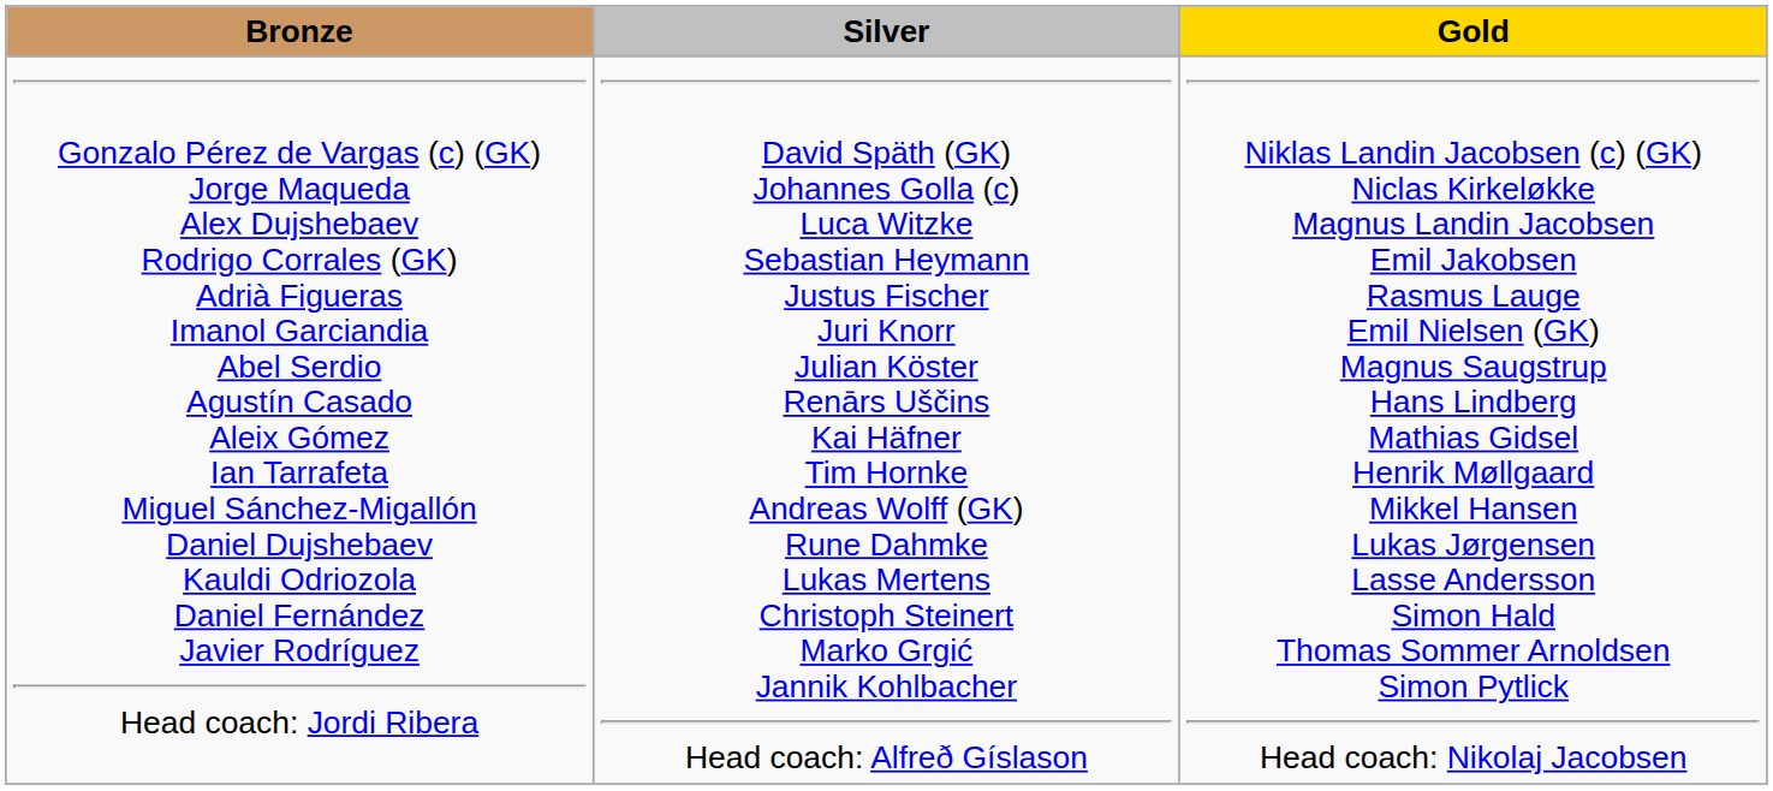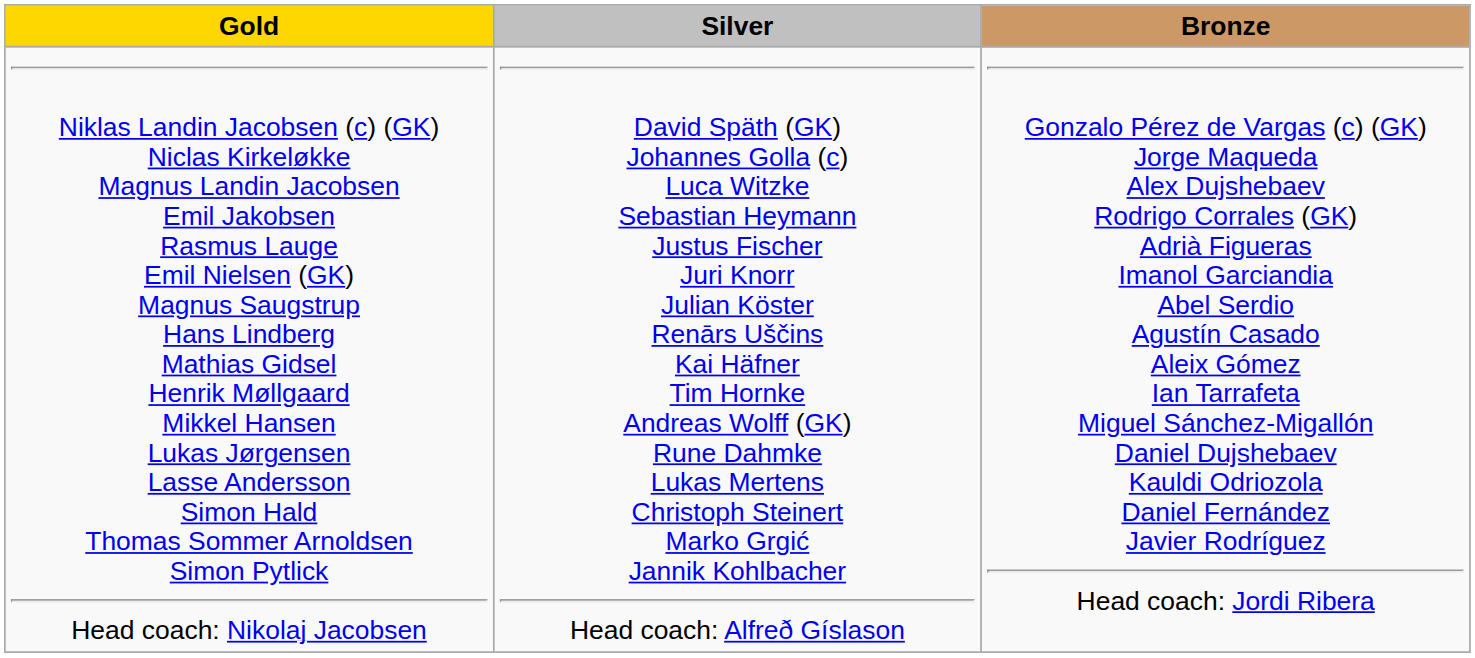 <table class="wikitable" style="text-align: center; font-size: 95%;">
 <tr>
+<td style="width: 18em; background: gold;"><strong>Gold</strong></td>
+<td style="width: 18em; background: silver;"><strong>Silver</strong></td>
 <td style="width: 18em; background: #CC9966;"><strong>Bronze</strong></td>
-<td style="width: 18em; background: silver;"><strong>Silver</strong></td>
-<td style="width: 18em; background: gold;"><strong>Gold</strong></td>
 </tr>
 <tr style="vertical-align: top;">
+<td><hr><br><a href='#'>Niklas Landin Jacobsen</a> (<a href='#'>c</a>) (<a href='#'>GK</a>)<br><a href='#'>Niclas Kirkeløkke</a><br><a href='#'>Magnus Landin Jacobsen</a><br><a href='#'>Emil Jakobsen</a><br><a href='#'>Rasmus Lauge</a><br><a href='#'>Emil Nielsen</a> (<a href='#'>GK</a>)<br><a href='#'>Magnus Saugstrup</a><br><a href='#'>Hans Lindberg</a><br><a href='#'>Mathias Gidsel</a><br><a href='#'>Henrik Møllgaard</a><br><a href='#'>Mikkel Hansen</a><br><a href='#'>Lukas Jørgensen</a><br><a href='#'>Lasse Andersson</a><br><a href='#'>Simon Hald</a><br><a href='#'>Thomas Sommer Arnoldsen</a><br><a href='#'>Simon Pytlick</a> <hr>Head coach: <a href='#'>Nikolaj Jacobsen</a></td>
+<td><hr><br><a href='#'>David Späth</a> (<a href='#'>GK</a>)<br><a href='#'>Johannes Golla</a> (<a href='#'>c</a>)<br><a href='#'>Luca Witzke</a><br><a href='#'>Sebastian Heymann</a><br><a href='#'>Justus Fischer</a><br><a href='#'>Juri Knorr</a><br><a href='#'>Julian Köster</a><br><a href='#'>Renārs Uščins</a><br><a href='#'>Kai Häfner</a><br><a href='#'>Tim Hornke</a><br><a href='#'>Andreas Wolff</a> (<a href='#'>GK</a>)<br><a href='#'>Rune Dahmke</a><br><a href='#'>Lukas Mertens</a><br><a href='#'>Christoph Steinert</a><br><a href='#'>Marko Grgić</a><br><a href='#'>Jannik Kohlbacher</a> <hr>Head coach: <a href='#'>Alfreð Gíslason</a></td>
 <td><hr><br><a href='#'>Gonzalo Pérez de Vargas</a> (<a href='#'>c</a>) (<a href='#'>GK</a>)<br><a href='#'>Jorge Maqueda</a><br><a href='#'>Alex Dujshebaev</a><br><a href='#'>Rodrigo Corrales</a> (<a href='#'>GK</a>)<br><a href='#'>Adrià Figueras</a><br><a href='#'>Imanol Garciandia</a><br><a href='#'>Abel Serdio</a><br><a href='#'>Agustín Casado</a><br><a href='#'>Aleix Gómez</a><br><a href='#'>Ian Tarrafeta</a><br><a href='#'>Miguel Sánchez-Migallón</a><br><a href='#'>Daniel Dujshebaev</a><br><a href='#'>Kauldi Odriozola</a><br><a href='#'>Daniel Fernández</a><br><a href='#'>Javier Rodríguez</a> <hr>Head coach: <a href='#'>Jordi Ribera</a></td>
-<td><hr><br><a href='#'>David Späth</a> (<a href='#'>GK</a>)<br><a href='#'>Johannes Golla</a> (<a href='#'>c</a>)<br><a href='#'>Luca Witzke</a><br><a href='#'>Sebastian Heymann</a><br><a href='#'>Justus Fischer</a><br><a href='#'>Juri Knorr</a><br><a href='#'>Julian Köster</a><br><a href='#'>Renārs Uščins</a><br><a href='#'>Kai Häfner</a><br><a href='#'>Tim Hornke</a><br><a href='#'>Andreas Wolff</a> (<a href='#'>GK</a>)<br><a href='#'>Rune Dahmke</a><br><a href='#'>Lukas Mertens</a><br><a href='#'>Christoph Steinert</a><br><a href='#'>Marko Grgić</a><br><a href='#'>Jannik Kohlbacher</a> <hr>Head coach: <a href='#'>Alfreð Gíslason</a></td>
-<td><hr><br><a href='#'>Niklas Landin Jacobsen</a> (<a href='#'>c</a>) (<a href='#'>GK</a>)<br><a href='#'>Niclas Kirkeløkke</a><br><a href='#'>Magnus Landin Jacobsen</a><br><a href='#'>Emil Jakobsen</a><br><a href='#'>Rasmus Lauge</a><br><a href='#'>Emil Nielsen</a> (<a href='#'>GK</a>)<br><a href='#'>Magnus Saugstrup</a><br><a href='#'>Hans Lindberg</a><br><a href='#'>Mathias Gidsel</a><br><a href='#'>Henrik Møllgaard</a><br><a href='#'>Mikkel Hansen</a><br><a href='#'>Lukas Jørgensen</a><br><a href='#'>Lasse Andersson</a><br><a href='#'>Simon Hald</a><br><a href='#'>Thomas Sommer Arnoldsen</a><br><a href='#'>Simon Pytlick</a> <hr>Head coach: <a href='#'>Nikolaj Jacobsen</a></td>
 </tr>
 </table>
